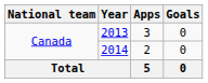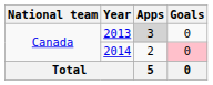 <table class="wikitable" style="text-align:center">
 <tr>
 <th>National team</th>
 <th>Year</th>
 <th>Apps</th>
 <th>Goals</th>
 </tr>
 <tr>
 <td rowspan="2"><a href='#'>Canada</a></td>
 <td><a href='#'>2013</a></td>
-<td>3</td>
+<td style="background: lightgrey;">3</td>
 <td>0</td>
 </tr>
 <tr>
 <td><a href='#'>2014</a></td>
 <td>2</td>
-<td>0</td>
+<td style="background: pink;">0</td>
 </tr>
 <tr>
 <th colspan="2">Total</th>
 <th>5</th>
 <th>0</th>
 </tr>
 </table>
